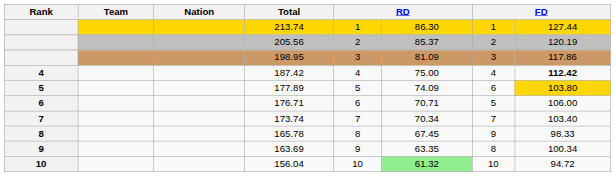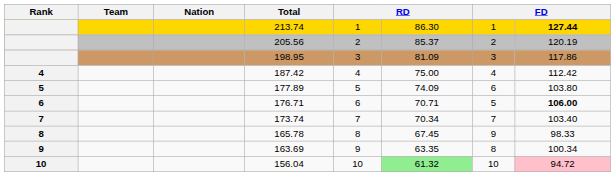 <table class="wikitable sortable" style="text-align:left; width:80%">
 <tr>
 <th scope="col">Rank</th>
 <th scope="col">Team</th>
 <th scope="col">Nation</th>
 <th scope="col">Total</th>
 <th scope="col" colspan="2" width="80px"><a href='#'>RD</a></th>
 <th scope="col" colspan="2" width="80px"><a href='#'>FD</a></th>
 </tr>
 <tr bgcolor="gold">
 <th scope="row"></th>
 <td></td>
 <td></td>
 <td align="center">213.74</td>
 <td align="center">1</td>
 <td align="center">86.30</td>
 <td align="center">1</td>
-<td align="center">127.44</td>
+<td align="center"><strong>127.44</strong></td>
 </tr>
 <tr bgcolor="silver">
 <th scope="row"></th>
 <td></td>
 <td></td>
 <td align="center">205.56</td>
 <td align="center">2</td>
 <td align="center">85.37</td>
 <td align="center">2</td>
 <td align="center">120.19</td>
 </tr>
 <tr bgcolor="cc9966">
 <th scope="row"></th>
 <td></td>
 <td></td>
 <td align="center">198.95</td>
 <td align="center">3</td>
 <td align="center">81.09</td>
 <td align="center">3</td>
 <td align="center">117.86</td>
 </tr>
 <tr>
 <th scope="row">4</th>
 <td></td>
 <td></td>
 <td align="center">187.42</td>
 <td align="center">4</td>
 <td align="center">75.00</td>
 <td align="center">4</td>
-<td align="center"><strong>112.42</strong></td>
+<td align="center">112.42</td>
 </tr>
 <tr>
 <th scope="row">5</th>
 <td></td>
 <td></td>
 <td align="center">177.89</td>
 <td align="center">5</td>
 <td align="center">74.09</td>
 <td align="center">6</td>
-<td align="center" style="background: gold;">103.80</td>
+<td align="center">103.80</td>
 </tr>
 <tr>
 <th scope="row">6</th>
 <td></td>
 <td></td>
 <td align="center">176.71</td>
 <td align="center">6</td>
 <td align="center">70.71</td>
 <td align="center">5</td>
-<td align="center">106.00</td>
+<td align="center"><strong>106.00</strong></td>
 </tr>
 <tr>
 <th scope="row">7</th>
 <td></td>
 <td></td>
 <td align="center">173.74</td>
 <td align="center">7</td>
 <td align="center">70.34</td>
 <td align="center">7</td>
 <td align="center">103.40</td>
 </tr>
 <tr>
 <th scope="row">8</th>
 <td></td>
 <td></td>
 <td align="center">165.78</td>
 <td align="center">8</td>
 <td align="center">67.45</td>
 <td align="center">9</td>
 <td align="center">98.33</td>
 </tr>
 <tr>
 <th scope="row">9</th>
 <td></td>
 <td></td>
 <td align="center">163.69</td>
 <td align="center">9</td>
 <td align="center">63.35</td>
 <td align="center">8</td>
 <td align="center">100.34</td>
 </tr>
 <tr>
 <th scope="row">10</th>
 <td></td>
 <td></td>
 <td align="center">156.04</td>
 <td align="center">10</td>
 <td align="center" style="background: lightgreen;">61.32</td>
 <td align="center">10</td>
-<td align="center">94.72</td>
+<td align="center" style="background: pink;">94.72</td>
 </tr>
 </table>
